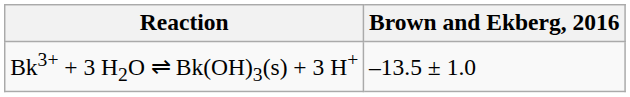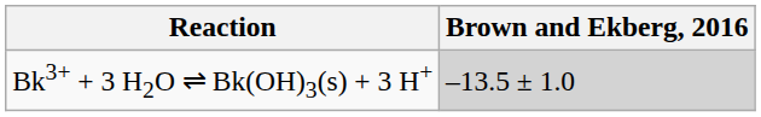 <table class="wikitable">
 <tr>
 <th>Reaction</th>
 <th>Brown and Ekberg, 2016</th>
 </tr>
 <tr>
 <td>Bk<sup>3+</sup> + 3 H<sub>2</sub>O ⇌ Bk(OH)<sub>3</sub>(s) + 3 H<sup>+</sup></td>
-<td>–13.5 ± 1.0</td>
+<td style="background: lightgrey;">–13.5 ± 1.0</td>
 </tr>
 </table>
